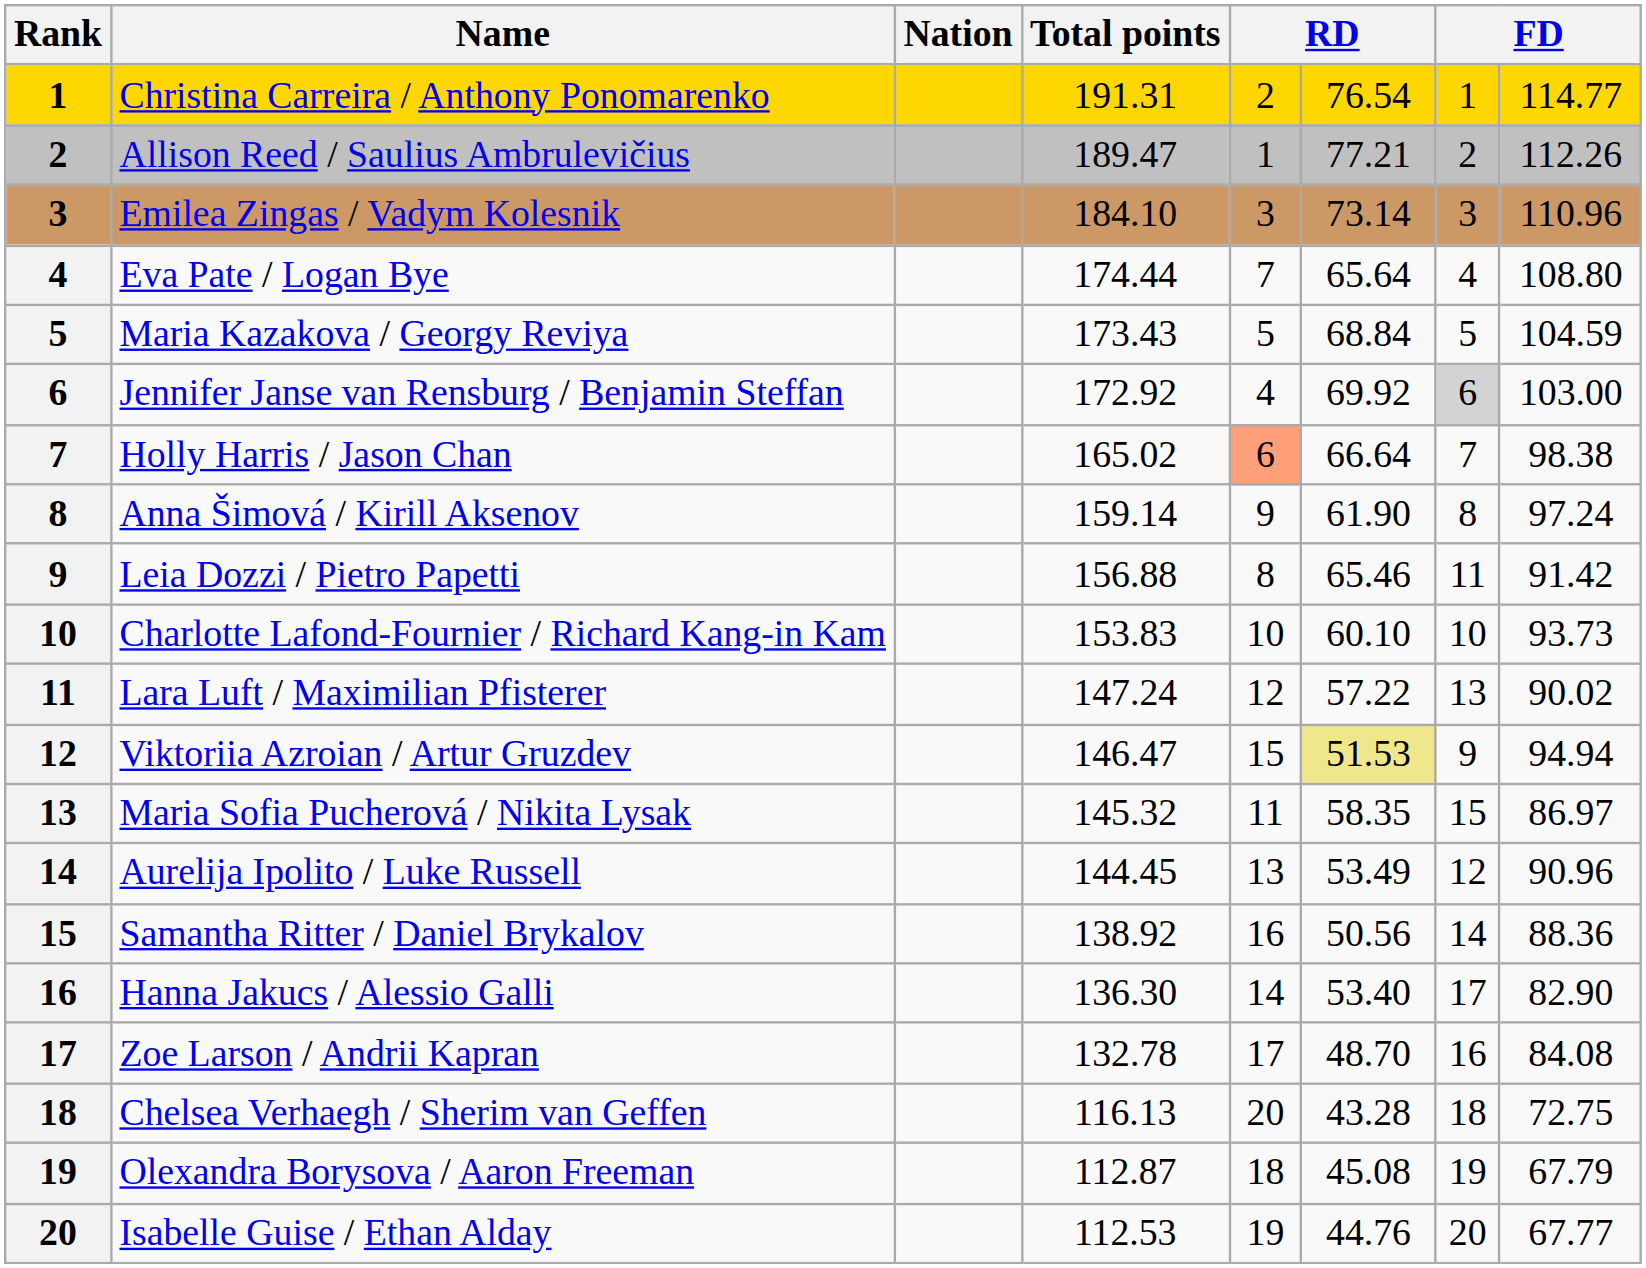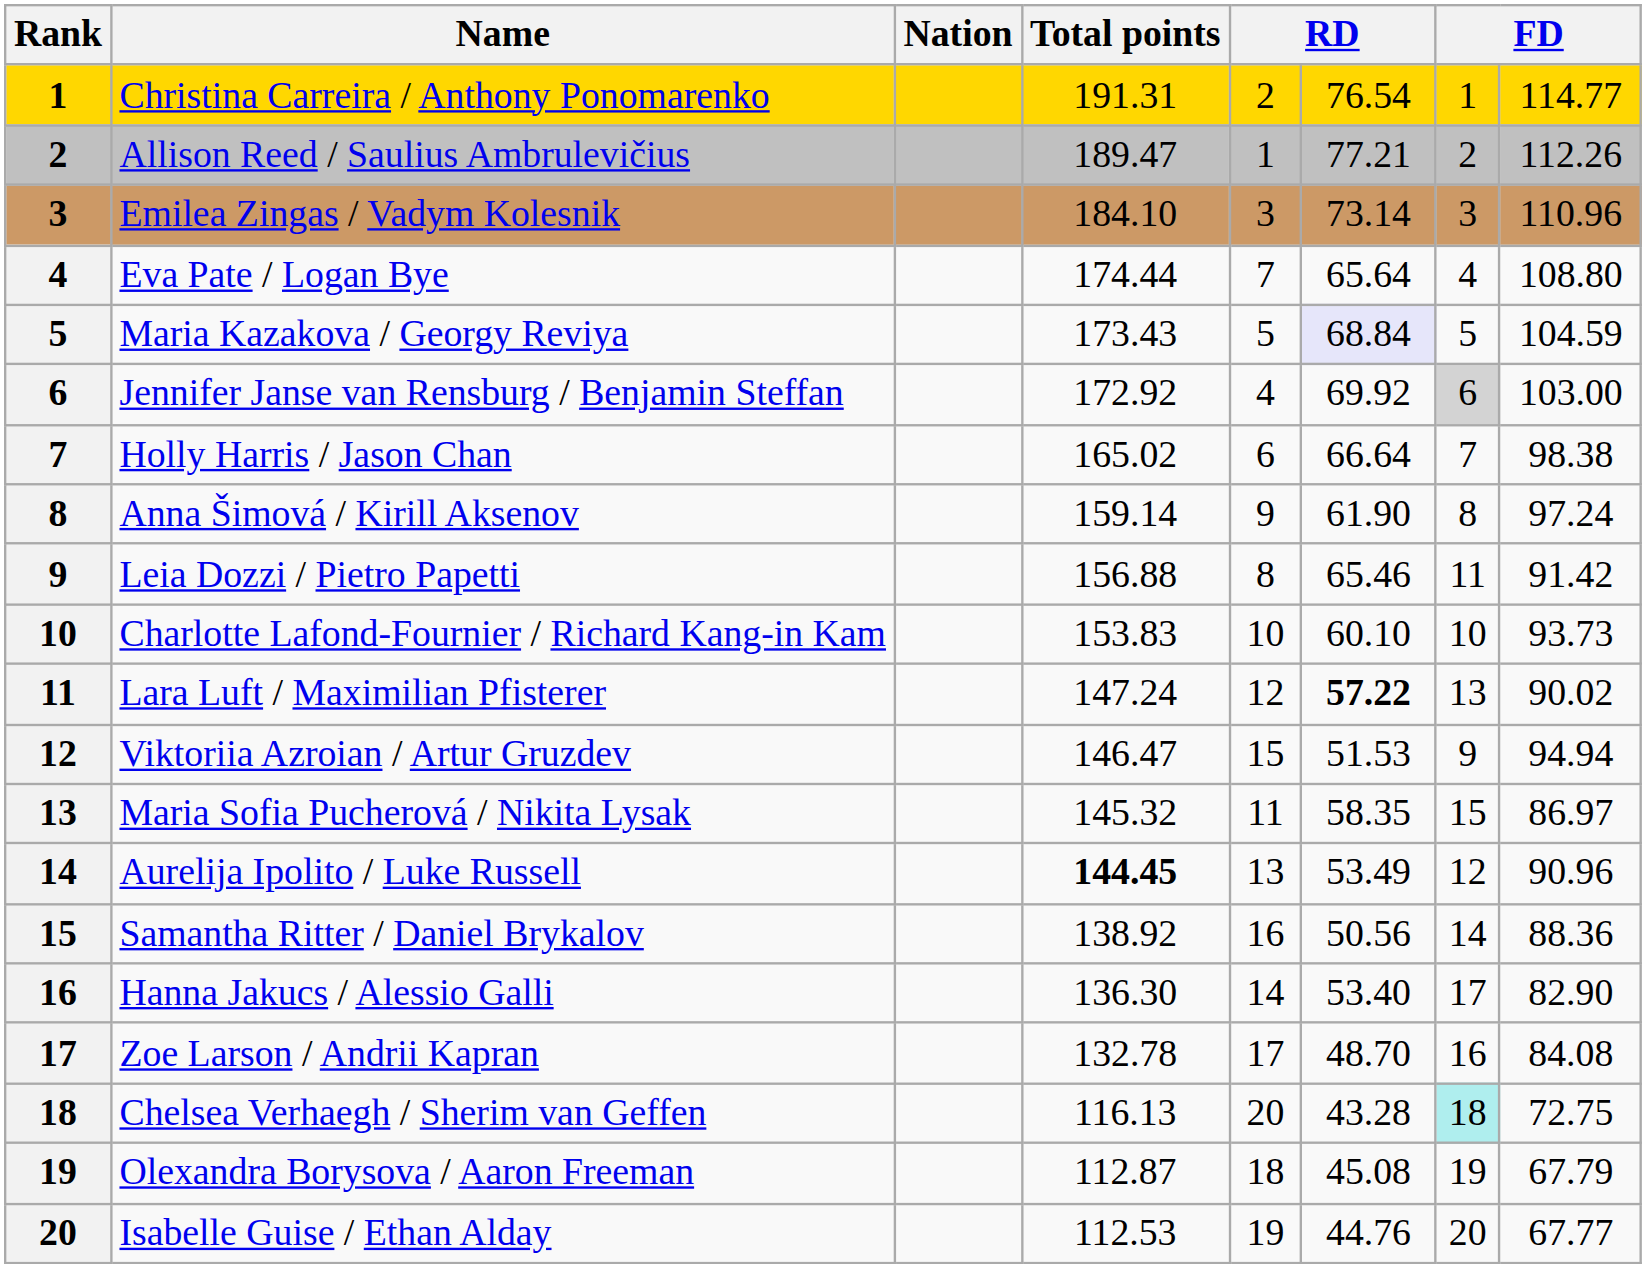 <table class="wikitable sortable">
 <tr>
 <th>Rank</th>
 <th>Name</th>
 <th>Nation</th>
 <th>Total points</th>
 <th colspan="2" width="80px"><a href='#'>RD</a></th>
 <th colspan="2" width="80px"><a href='#'>FD</a></th>
 </tr>
 <tr bgcolor="gold">
 <td align="center"><strong>1</strong></td>
 <td><a href='#'>Christina Carreira</a> / <a href='#'>Anthony Ponomarenko</a></td>
 <td></td>
 <td align="center">191.31</td>
 <td align="center">2</td>
 <td align="center">76.54</td>
 <td align="center">1</td>
 <td align="center">114.77</td>
 </tr>
 <tr bgcolor="silver">
 <td align="center"><strong>2</strong></td>
 <td><a href='#'>Allison Reed</a> / <a href='#'>Saulius Ambrulevičius</a></td>
 <td></td>
 <td align="center">189.47</td>
 <td align="center">1</td>
 <td align="center">77.21</td>
 <td align="center">2</td>
 <td align="center">112.26</td>
 </tr>
 <tr bgcolor="cc9966">
 <td align="center"><strong>3</strong></td>
 <td><a href='#'>Emilea Zingas</a> / <a href='#'>Vadym Kolesnik</a></td>
 <td></td>
 <td align="center">184.10</td>
 <td align="center">3</td>
 <td align="center">73.14</td>
 <td align="center">3</td>
 <td align="center">110.96</td>
 </tr>
 <tr>
 <th>4</th>
 <td><a href='#'>Eva Pate</a> / <a href='#'>Logan Bye</a></td>
 <td></td>
 <td align="center">174.44</td>
 <td align="center">7</td>
 <td align="center">65.64</td>
 <td align="center">4</td>
 <td align="center">108.80</td>
 </tr>
 <tr>
 <th>5</th>
 <td><a href='#'>Maria Kazakova</a> / <a href='#'>Georgy Reviya</a></td>
 <td></td>
 <td align="center">173.43</td>
 <td align="center">5</td>
-<td align="center">68.84</td>
+<td align="center" style="background: lavender;">68.84</td>
 <td align="center">5</td>
 <td align="center">104.59</td>
 </tr>
 <tr>
 <th>6</th>
 <td><a href='#'>Jennifer Janse van Rensburg</a> / <a href='#'>Benjamin Steffan</a></td>
 <td></td>
 <td align="center">172.92</td>
 <td align="center">4</td>
 <td align="center">69.92</td>
 <td align="center" style="background: lightgrey;">6</td>
 <td align="center">103.00</td>
 </tr>
 <tr>
 <th>7</th>
 <td><a href='#'>Holly Harris</a> / <a href='#'>Jason Chan</a></td>
 <td></td>
 <td align="center">165.02</td>
-<td align="center" style="background: lightsalmon;">6</td>
+<td align="center">6</td>
 <td align="center">66.64</td>
 <td align="center">7</td>
 <td align="center">98.38</td>
 </tr>
 <tr>
 <th>8</th>
 <td><a href='#'>Anna Šimová</a> / <a href='#'>Kirill Aksenov</a></td>
 <td></td>
 <td align="center">159.14</td>
 <td align="center">9</td>
 <td align="center">61.90</td>
 <td align="center">8</td>
 <td align="center">97.24</td>
 </tr>
 <tr>
 <th>9</th>
 <td><a href='#'>Leia Dozzi</a> / <a href='#'>Pietro Papetti</a></td>
 <td></td>
 <td align="center">156.88</td>
 <td align="center">8</td>
 <td align="center">65.46</td>
 <td align="center">11</td>
 <td align="center">91.42</td>
 </tr>
 <tr>
 <th>10</th>
 <td><a href='#'>Charlotte Lafond-Fournier</a> / <a href='#'>Richard Kang-in Kam</a></td>
 <td></td>
 <td align="center">153.83</td>
 <td align="center">10</td>
 <td align="center">60.10</td>
 <td align="center">10</td>
 <td align="center">93.73</td>
 </tr>
 <tr>
 <th>11</th>
 <td><a href='#'>Lara Luft</a> / <a href='#'>Maximilian Pfisterer</a></td>
 <td></td>
 <td align="center">147.24</td>
 <td align="center">12</td>
-<td align="center">57.22</td>
+<td align="center"><strong>57.22</strong></td>
 <td align="center">13</td>
 <td align="center">90.02</td>
 </tr>
 <tr>
 <th>12</th>
 <td><a href='#'>Viktoriia Azroian</a> / <a href='#'>Artur Gruzdev</a></td>
 <td></td>
 <td align="center">146.47</td>
 <td align="center">15</td>
-<td align="center" style="background: khaki;">51.53</td>
+<td align="center">51.53</td>
 <td align="center">9</td>
 <td align="center">94.94</td>
 </tr>
 <tr>
 <th>13</th>
 <td><a href='#'>Maria Sofia Pucherová</a> / <a href='#'>Nikita Lysak</a></td>
 <td></td>
 <td align="center">145.32</td>
 <td align="center">11</td>
 <td align="center">58.35</td>
 <td align="center">15</td>
 <td align="center">86.97</td>
 </tr>
 <tr>
 <th>14</th>
 <td><a href='#'>Aurelija Ipolito</a> / <a href='#'>Luke Russell</a></td>
 <td></td>
-<td align="center">144.45</td>
+<td align="center"><strong>144.45</strong></td>
 <td align="center">13</td>
 <td align="center">53.49</td>
 <td align="center">12</td>
 <td align="center">90.96</td>
 </tr>
 <tr>
 <th>15</th>
 <td><a href='#'>Samantha Ritter</a> / <a href='#'>Daniel Brykalov</a></td>
 <td></td>
 <td align="center">138.92</td>
 <td align="center">16</td>
 <td align="center">50.56</td>
 <td align="center">14</td>
 <td align="center">88.36</td>
 </tr>
 <tr>
 <th>16</th>
 <td><a href='#'>Hanna Jakucs</a> / <a href='#'>Alessio Galli</a></td>
 <td></td>
 <td align="center">136.30</td>
 <td align="center">14</td>
 <td align="center">53.40</td>
 <td align="center">17</td>
 <td align="center">82.90</td>
 </tr>
 <tr>
 <th>17</th>
 <td><a href='#'>Zoe Larson</a> / <a href='#'>Andrii Kapran</a></td>
 <td></td>
 <td align="center">132.78</td>
 <td align="center">17</td>
 <td align="center">48.70</td>
 <td align="center">16</td>
 <td align="center">84.08</td>
 </tr>
 <tr>
 <th>18</th>
 <td><a href='#'>Chelsea Verhaegh</a> / <a href='#'>Sherim van Geffen</a></td>
 <td></td>
 <td align="center">116.13</td>
 <td align="center">20</td>
 <td align="center">43.28</td>
-<td align="center">18</td>
+<td align="center" style="background: paleturquoise;">18</td>
 <td align="center">72.75</td>
 </tr>
 <tr>
 <th>19</th>
 <td><a href='#'>Olexandra Borysova</a> / <a href='#'>Aaron Freeman</a></td>
 <td></td>
 <td align="center">112.87</td>
 <td align="center">18</td>
 <td align="center">45.08</td>
 <td align="center">19</td>
 <td align="center">67.79</td>
 </tr>
 <tr>
 <th>20</th>
 <td><a href='#'>Isabelle Guise</a> / <a href='#'>Ethan Alday</a></td>
 <td></td>
 <td align="center">112.53</td>
 <td align="center">19</td>
 <td align="center">44.76</td>
 <td align="center">20</td>
 <td align="center">67.77</td>
 </tr>
 </table>
